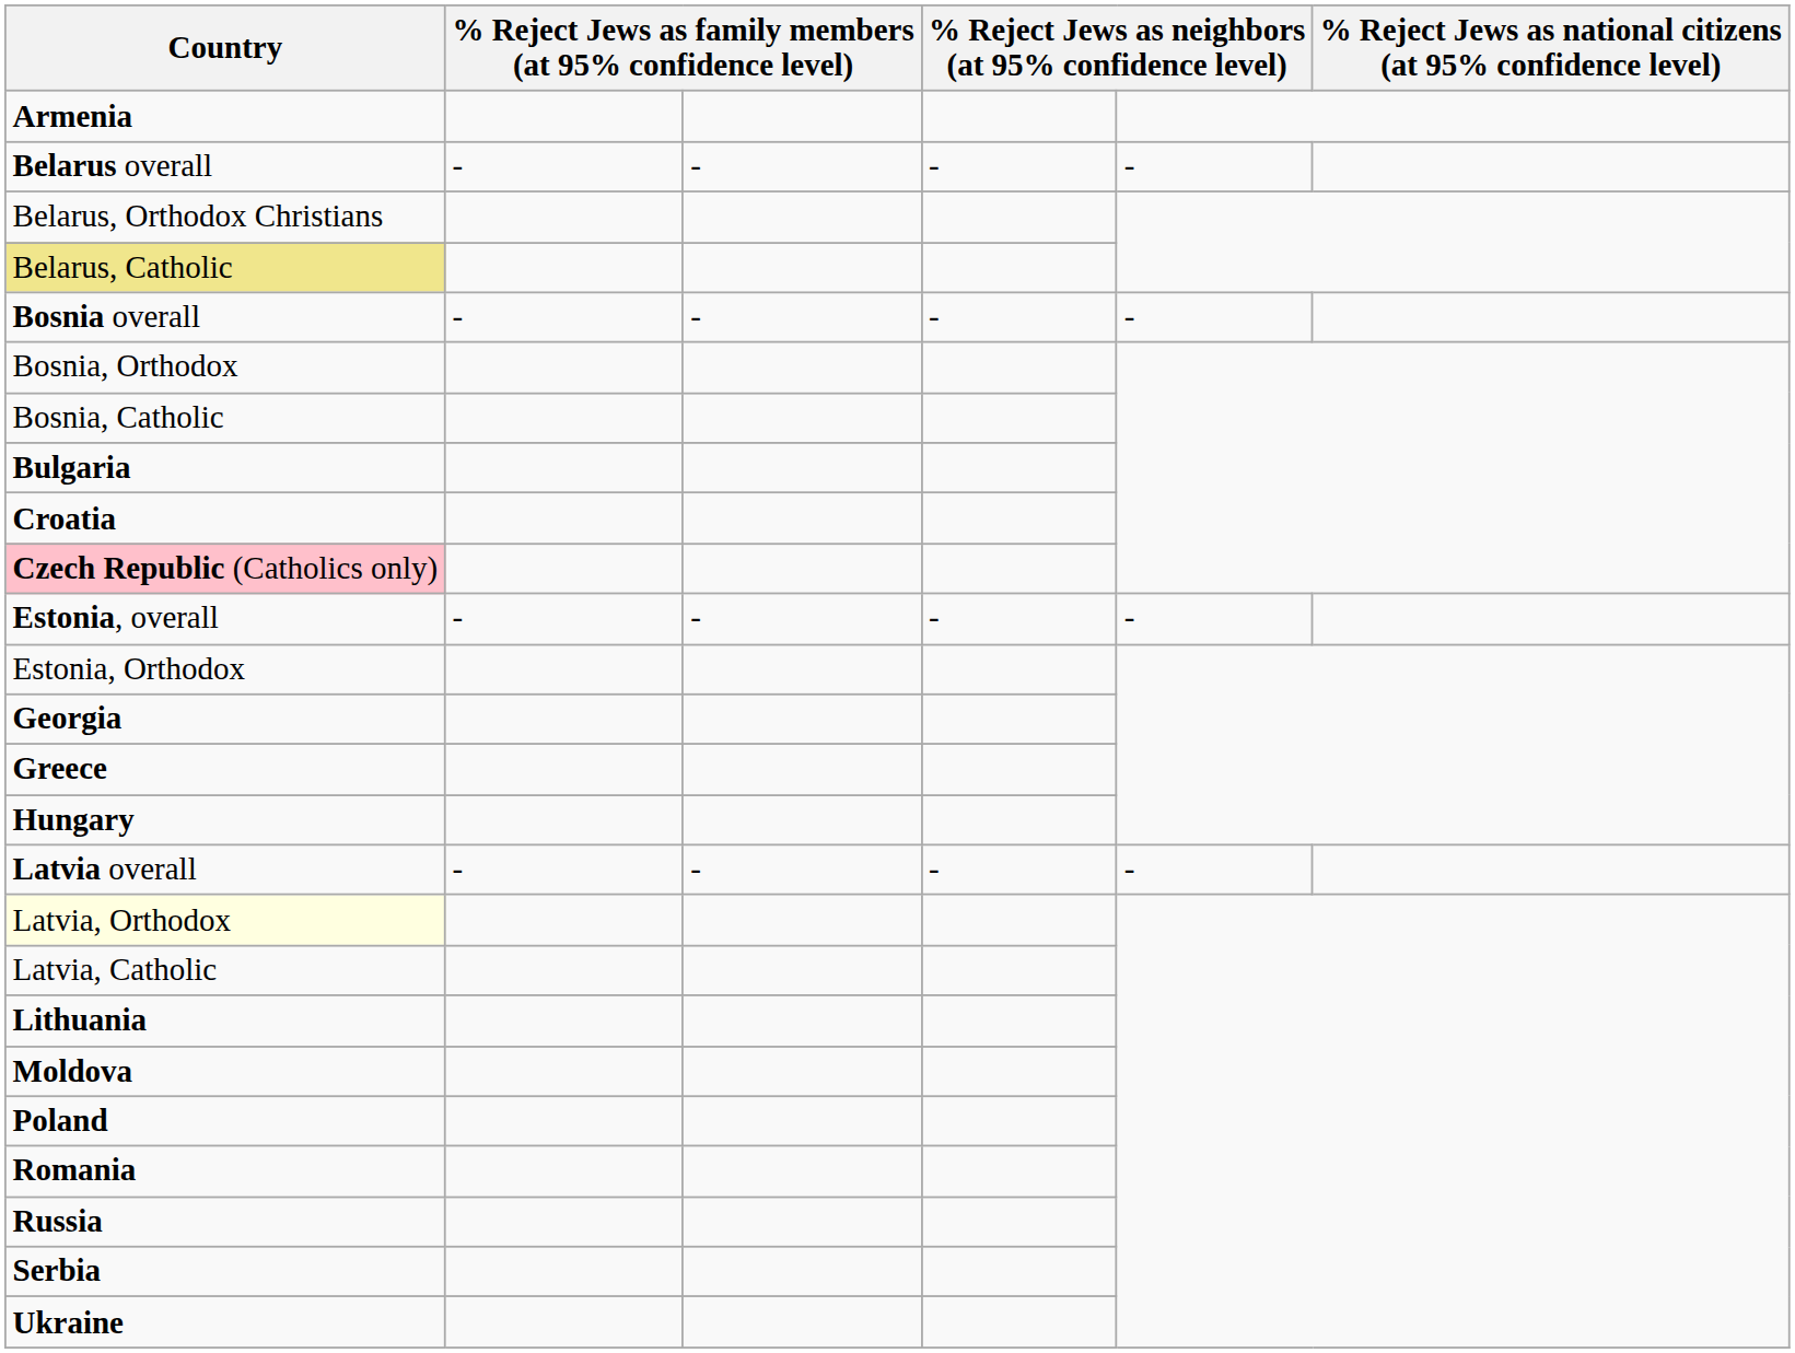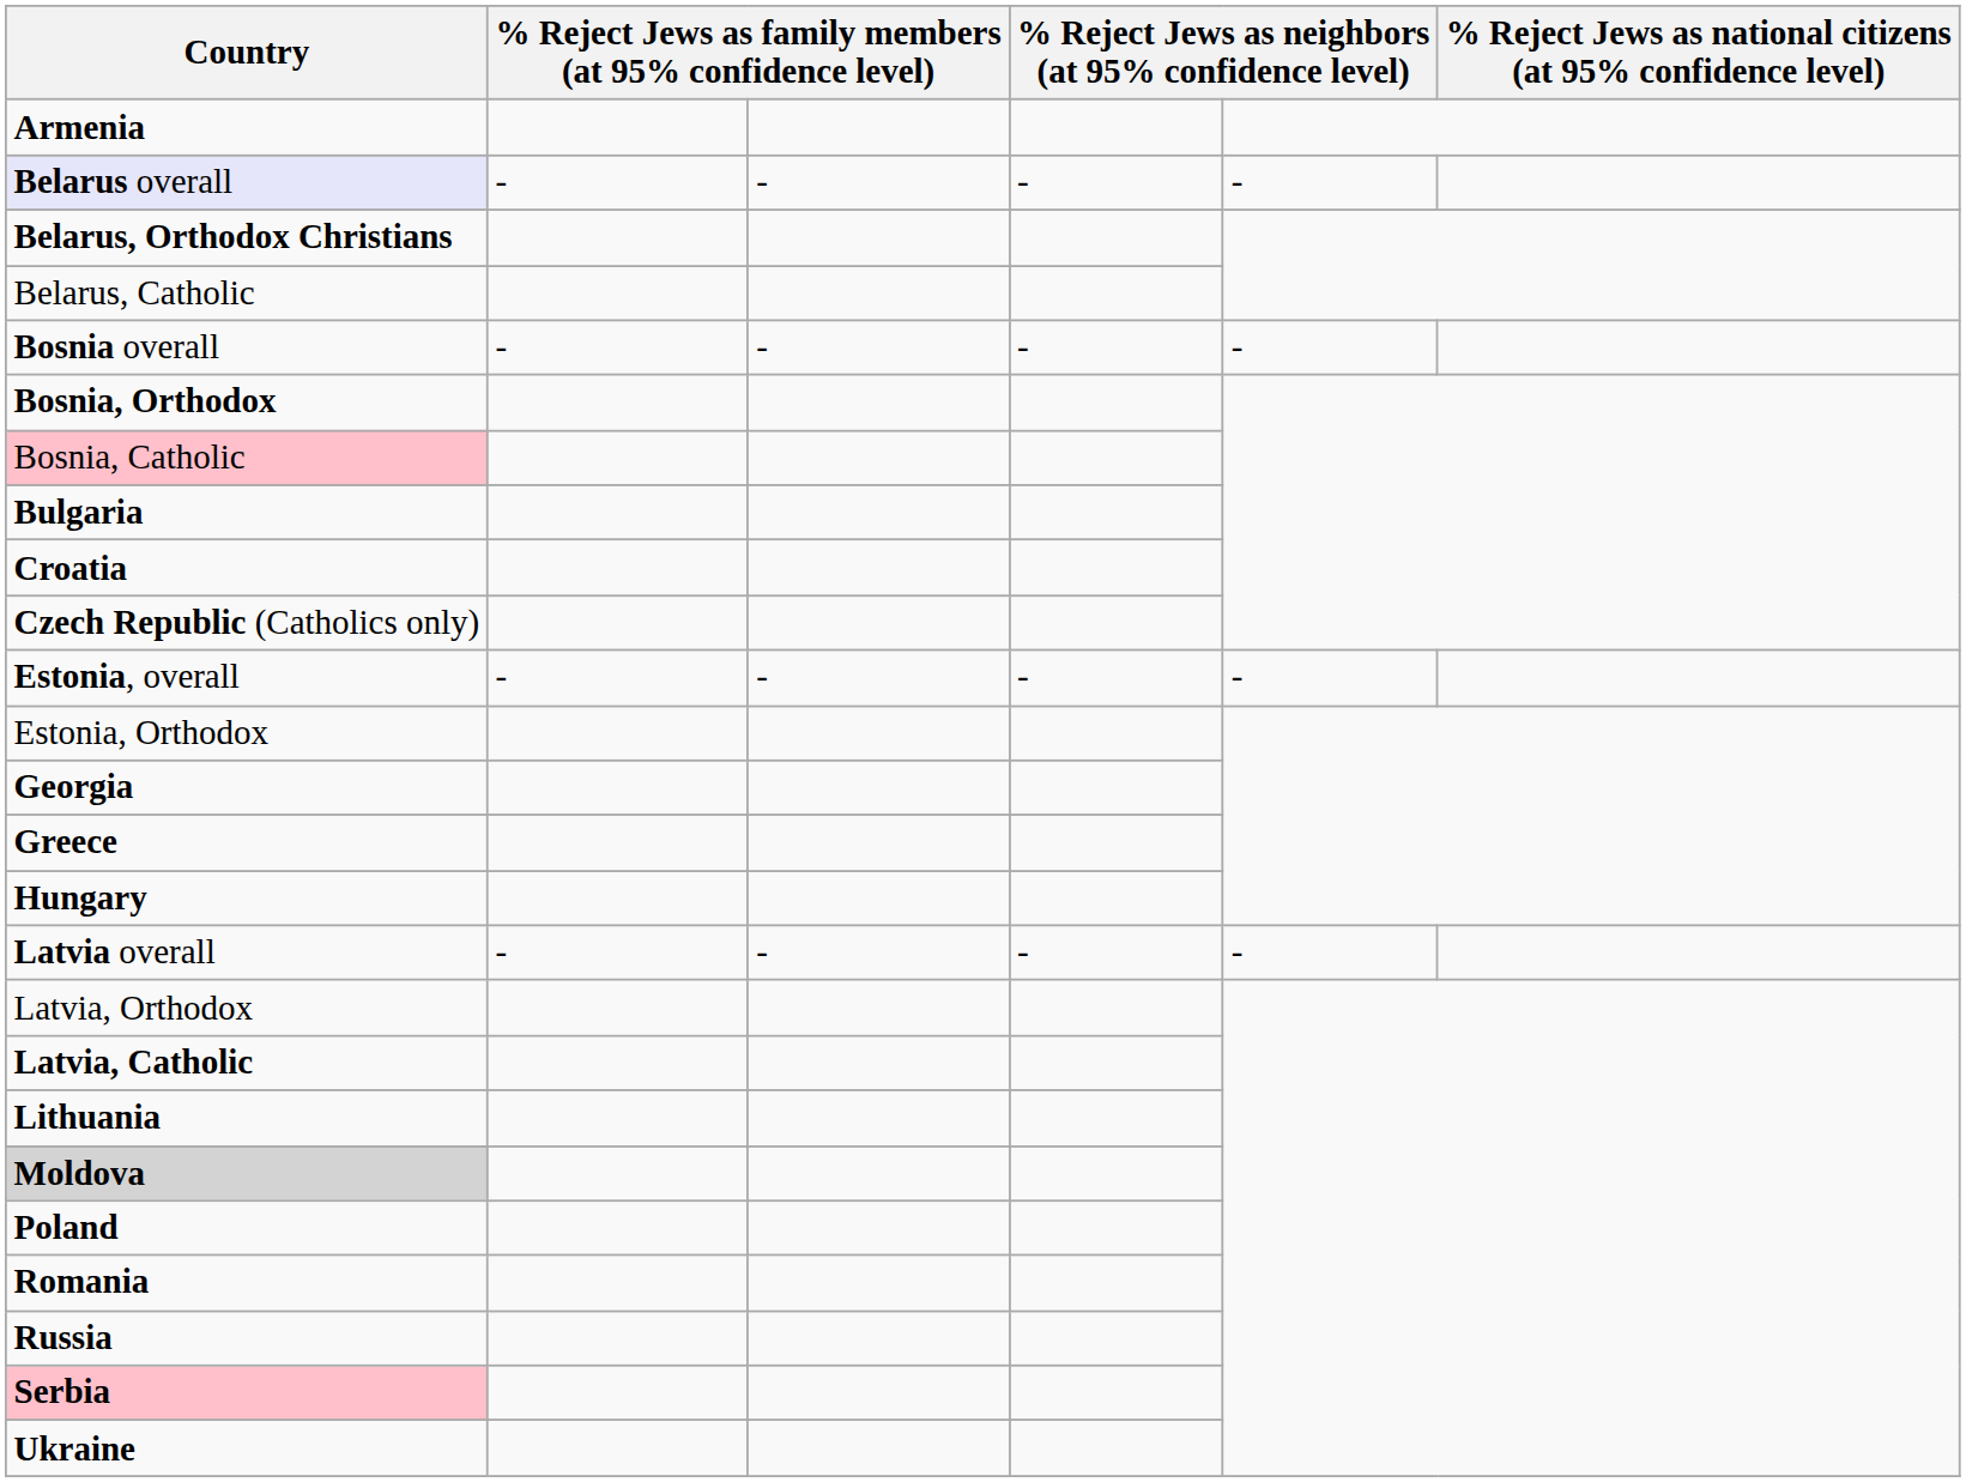 <table class="wikitable sortable" font-size:80%;">
 <tr>
 <th>Country</th>
 <th colspan="2">% Reject Jews as family members<br>(at 95% confidence level)</th>
 <th colspan="2">% Reject Jews as neighbors<br>(at 95% confidence level)</th>
 <th colspan="2">% Reject Jews as national citizens<br>(at 95% confidence level)</th>
 </tr>
 <tr>
 <td><strong>Armenia</strong></td>
 <td align=right></td>
 <td align=right></td>
 <td align=right></td>
 </tr>
 <tr>
-<td><strong>Belarus</strong> overall</td>
+<td style="background: lavender;"><strong>Belarus</strong> overall</td>
 <td>-</td>
 <td>-</td>
 <td>-</td>
 <td>-</td>
 <td align=right></td>
 </tr>
 <tr>
-<td>Belarus, Orthodox Christians</td>
+<td><strong>Belarus, Orthodox Christians</strong></td>
 <td align=right></td>
 <td align=right></td>
 <td align=right></td>
 </tr>
 <tr>
-<td style="background: khaki;">Belarus, Catholic</td>
+<td>Belarus, Catholic</td>
 <td align=right></td>
 <td align=right></td>
 <td align=right></td>
 </tr>
 <tr>
 <td><strong>Bosnia</strong> overall</td>
 <td>-</td>
 <td>-</td>
 <td>-</td>
 <td>-</td>
 <td align=right></td>
 </tr>
 <tr>
-<td>Bosnia, Orthodox</td>
+<td><strong>Bosnia, Orthodox</strong></td>
 <td align=right></td>
 <td align=right></td>
 <td align=right></td>
 </tr>
 <tr>
-<td>Bosnia, Catholic</td>
+<td style="background: pink;">Bosnia, Catholic</td>
 <td align=right></td>
 <td align=right></td>
 <td align=right></td>
 </tr>
 <tr>
 <td><strong>Bulgaria</strong></td>
 <td align=right></td>
 <td align=right></td>
 <td align=right></td>
 </tr>
 <tr>
 <td><strong>Croatia</strong></td>
 <td align=right></td>
 <td align=right></td>
 <td align=right></td>
 </tr>
 <tr>
-<td style="background: pink;"><strong>Czech Republic</strong> (Catholics only)</td>
+<td><strong>Czech Republic</strong> (Catholics only)</td>
 <td align=right></td>
 <td align=right></td>
 <td align=right></td>
 </tr>
 <tr>
 <td><strong>Estonia</strong>, overall</td>
 <td>-</td>
 <td>-</td>
 <td>-</td>
 <td>-</td>
 <td align=right></td>
 </tr>
 <tr>
 <td>Estonia, Orthodox</td>
 <td align=right></td>
 <td align=right></td>
 <td align=right></td>
 </tr>
 <tr>
 <td><strong>Georgia</strong></td>
 <td align=right></td>
 <td align=right></td>
 <td align=right></td>
 </tr>
 <tr>
 <td><strong>Greece</strong></td>
 <td align=right></td>
 <td align=right></td>
 <td align=right></td>
 </tr>
 <tr>
 <td><strong>Hungary</strong></td>
 <td align=right></td>
 <td align=right></td>
 <td align=right></td>
 </tr>
 <tr>
 <td><strong>Latvia</strong> overall</td>
 <td>-</td>
 <td>-</td>
 <td>-</td>
 <td>-</td>
 <td align=right></td>
 </tr>
 <tr>
-<td style="background: lightyellow;">Latvia, Orthodox</td>
+<td>Latvia, Orthodox</td>
 <td align=right></td>
 <td align=right></td>
 <td align=right></td>
 </tr>
 <tr>
-<td>Latvia, Catholic</td>
+<td><strong>Latvia, Catholic</strong></td>
 <td align=right></td>
 <td align=right></td>
 <td align=right></td>
 </tr>
 <tr>
 <td><strong>Lithuania</strong></td>
 <td align=right></td>
 <td align=right></td>
 <td align=right></td>
 </tr>
 <tr>
-<td><strong>Moldova</strong></td>
+<td style="background: lightgrey;"><strong>Moldova</strong></td>
 <td align=right></td>
 <td align=right></td>
 <td align=right></td>
 </tr>
 <tr>
 <td><strong>Poland</strong></td>
 <td align=right></td>
 <td align=right></td>
 <td align=right></td>
 </tr>
 <tr>
 <td><strong>Romania</strong></td>
 <td align=right></td>
 <td align=right></td>
 <td align=right></td>
 </tr>
 <tr>
 <td><strong>Russia</strong></td>
 <td align=right></td>
 <td align=right></td>
 <td align=right></td>
 </tr>
 <tr>
-<td><strong>Serbia</strong></td>
+<td style="background: pink;"><strong>Serbia</strong></td>
 <td align=right></td>
 <td align=right></td>
 <td align=right></td>
 </tr>
 <tr>
 <td><strong>Ukraine</strong></td>
 <td align=right></td>
 <td align=right></td>
 <td align=right></td>
 </tr>
 </table>
